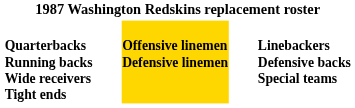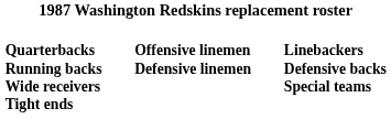 <table class="toccolours" style="text-align: left;">
 <tr>
 <th colspan="7" style="text-align:center; "><strong>1987 Washington Redskins replacement roster</strong></th>
 </tr>
 <tr>
 <td style="font-size: 95%;" valign="top"><br><strong>Quarterbacks</strong>    <br><strong>Running backs</strong>      <br><strong>Wide receivers</strong>        <br><strong>Tight ends</strong>       </td>
 <td style="width: 25px;"></td>
-<td style="background: gold; font-size: 95%;" valign="top"><br><strong>Offensive linemen</strong>         <br><strong>Defensive linemen</strong>      </td>
+<td style="font-size: 95%;" valign="top"><br><strong>Offensive linemen</strong>         <br><strong>Defensive linemen</strong>      </td>
 <td style="width: 25px;"></td>
 <td style="font-size: 95%;" valign="top"><br><strong>Linebackers</strong>         <br><strong>Defensive backs</strong>         <br><strong>Special teams</strong>  </td>
 </tr>
 <tr>
 </tr>
 </table>
